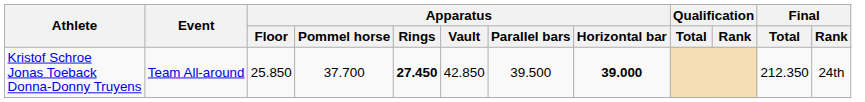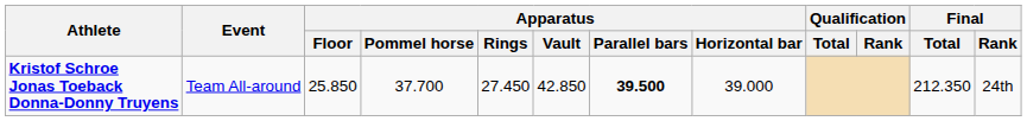 <table class="wikitable" style="font-size:90%">
 <tr>
 <th rowspan=2>Athlete</th>
 <th rowspan=2>Event</th>
 <th colspan=6>Apparatus</th>
 <th colspan=2>Qualification</th>
 <th colspan=2>Final</th>
 </tr>
 <tr>
 <th>Floor</th>
 <th>Pommel horse</th>
 <th>Rings</th>
 <th>Vault</th>
 <th>Parallel bars</th>
 <th>Horizontal bar</th>
 <th>Total</th>
 <th>Rank</th>
 <th>Total</th>
 <th>Rank</th>
 </tr>
 <tr>
-<td><a href='#'>Kristof Schroe</a><br><a href='#'>Jonas Toeback</a><br><a href='#'>Donna-Donny Truyens</a></td>
+<td><strong><a href='#'>Kristof Schroe</a><br><a href='#'>Jonas Toeback</a><br><a href='#'>Donna-Donny Truyens</a></strong></td>
 <td><a href='#'>Team All-around</a></td>
 <td align=center>25.850</td>
 <td align=center>37.700</td>
-<td align=center><strong>27.450</strong></td>
+<td align=center>27.450</td>
 <td align=center>42.850</td>
-<td align=center>39.500</td>
-<td align=center><strong>39.000</strong></td>
+<td align=center><strong>39.500</strong></td>
+<td align=center>39.000</td>
 <td colspan=2 bgcolor=wheat></td>
 <td align=center>212.350</td>
 <td align=center>24th</td>
 </tr>
 </table>
